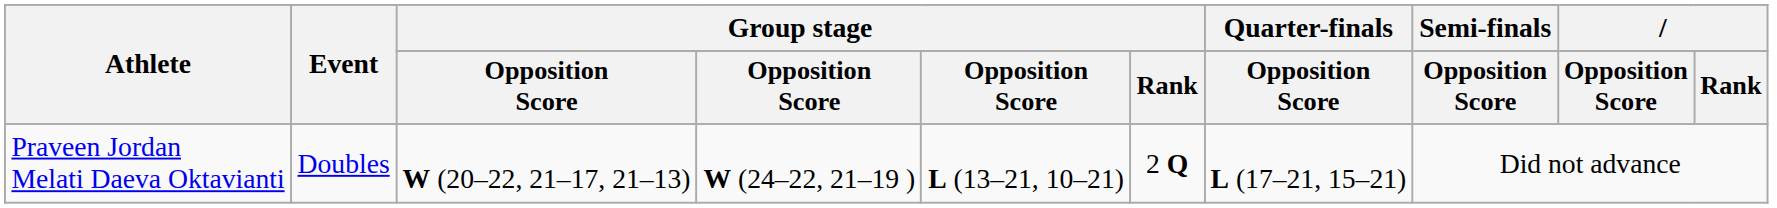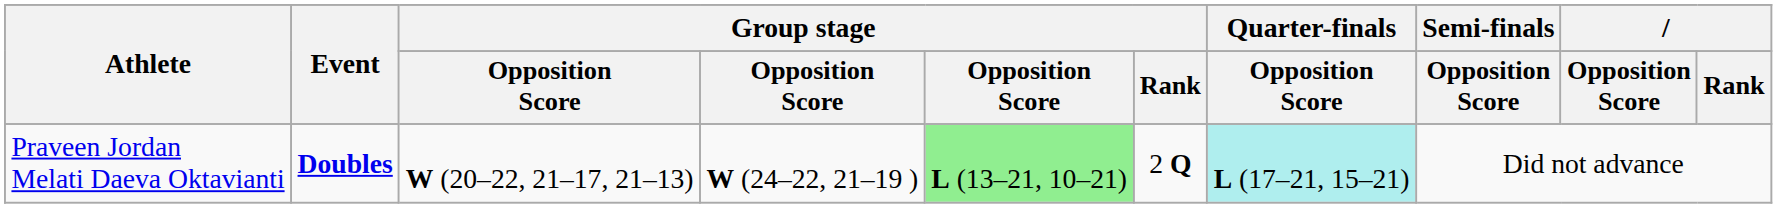 <table class="wikitable" style="font-size:90%">
 <tr>
 <th rowspan=2>Athlete</th>
 <th rowspan=2>Event</th>
 <th colspan=4>Group stage</th>
 <th>Quarter-finals</th>
 <th>Semi-finals</th>
 <th colspan=2> / </th>
 </tr>
 <tr style="font-size:95%">
 <th>Opposition<br>Score</th>
 <th>Opposition<br>Score</th>
 <th>Opposition<br>Score</th>
 <th>Rank</th>
 <th>Opposition<br>Score</th>
 <th>Opposition<br>Score</th>
 <th>Opposition<br>Score</th>
 <th>Rank</th>
 </tr>
 <tr align=center>
 <td align=left><a href='#'>Praveen Jordan</a><br><a href='#'>Melati Daeva Oktavianti</a></td>
-<td align=left><a href='#'>Doubles</a></td>
+<td align=left><strong><a href='#'>Doubles</a></strong></td>
 <td><br><strong>W</strong> (20–22, 21–17, 21–13)</td>
 <td><br><strong>W</strong> (24–22, 21–19 )</td>
-<td><br><strong>L</strong> (13–21, 10–21)</td>
+<td style="background: lightgreen;"><br><strong>L</strong> (13–21, 10–21)</td>
 <td>2 <strong>Q</strong></td>
-<td><br><strong>L</strong> (17–21, 15–21)</td>
+<td style="background: paleturquoise;"><br><strong>L</strong> (17–21, 15–21)</td>
 <td colspan=3>Did not advance</td>
 </tr>
 </table>
